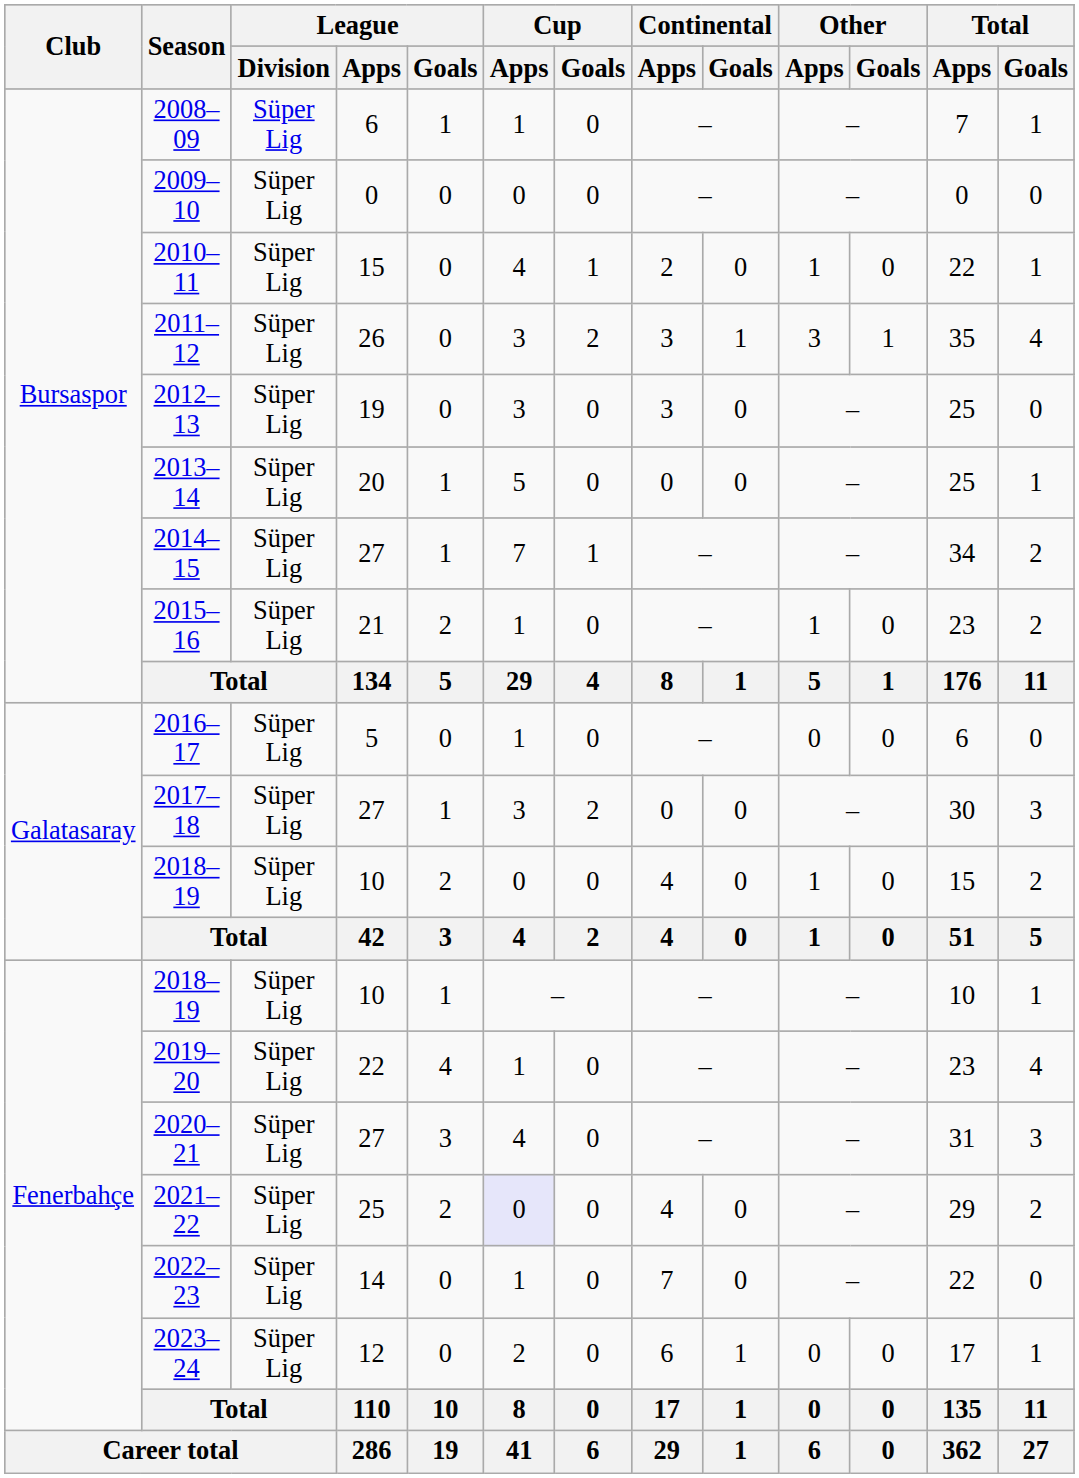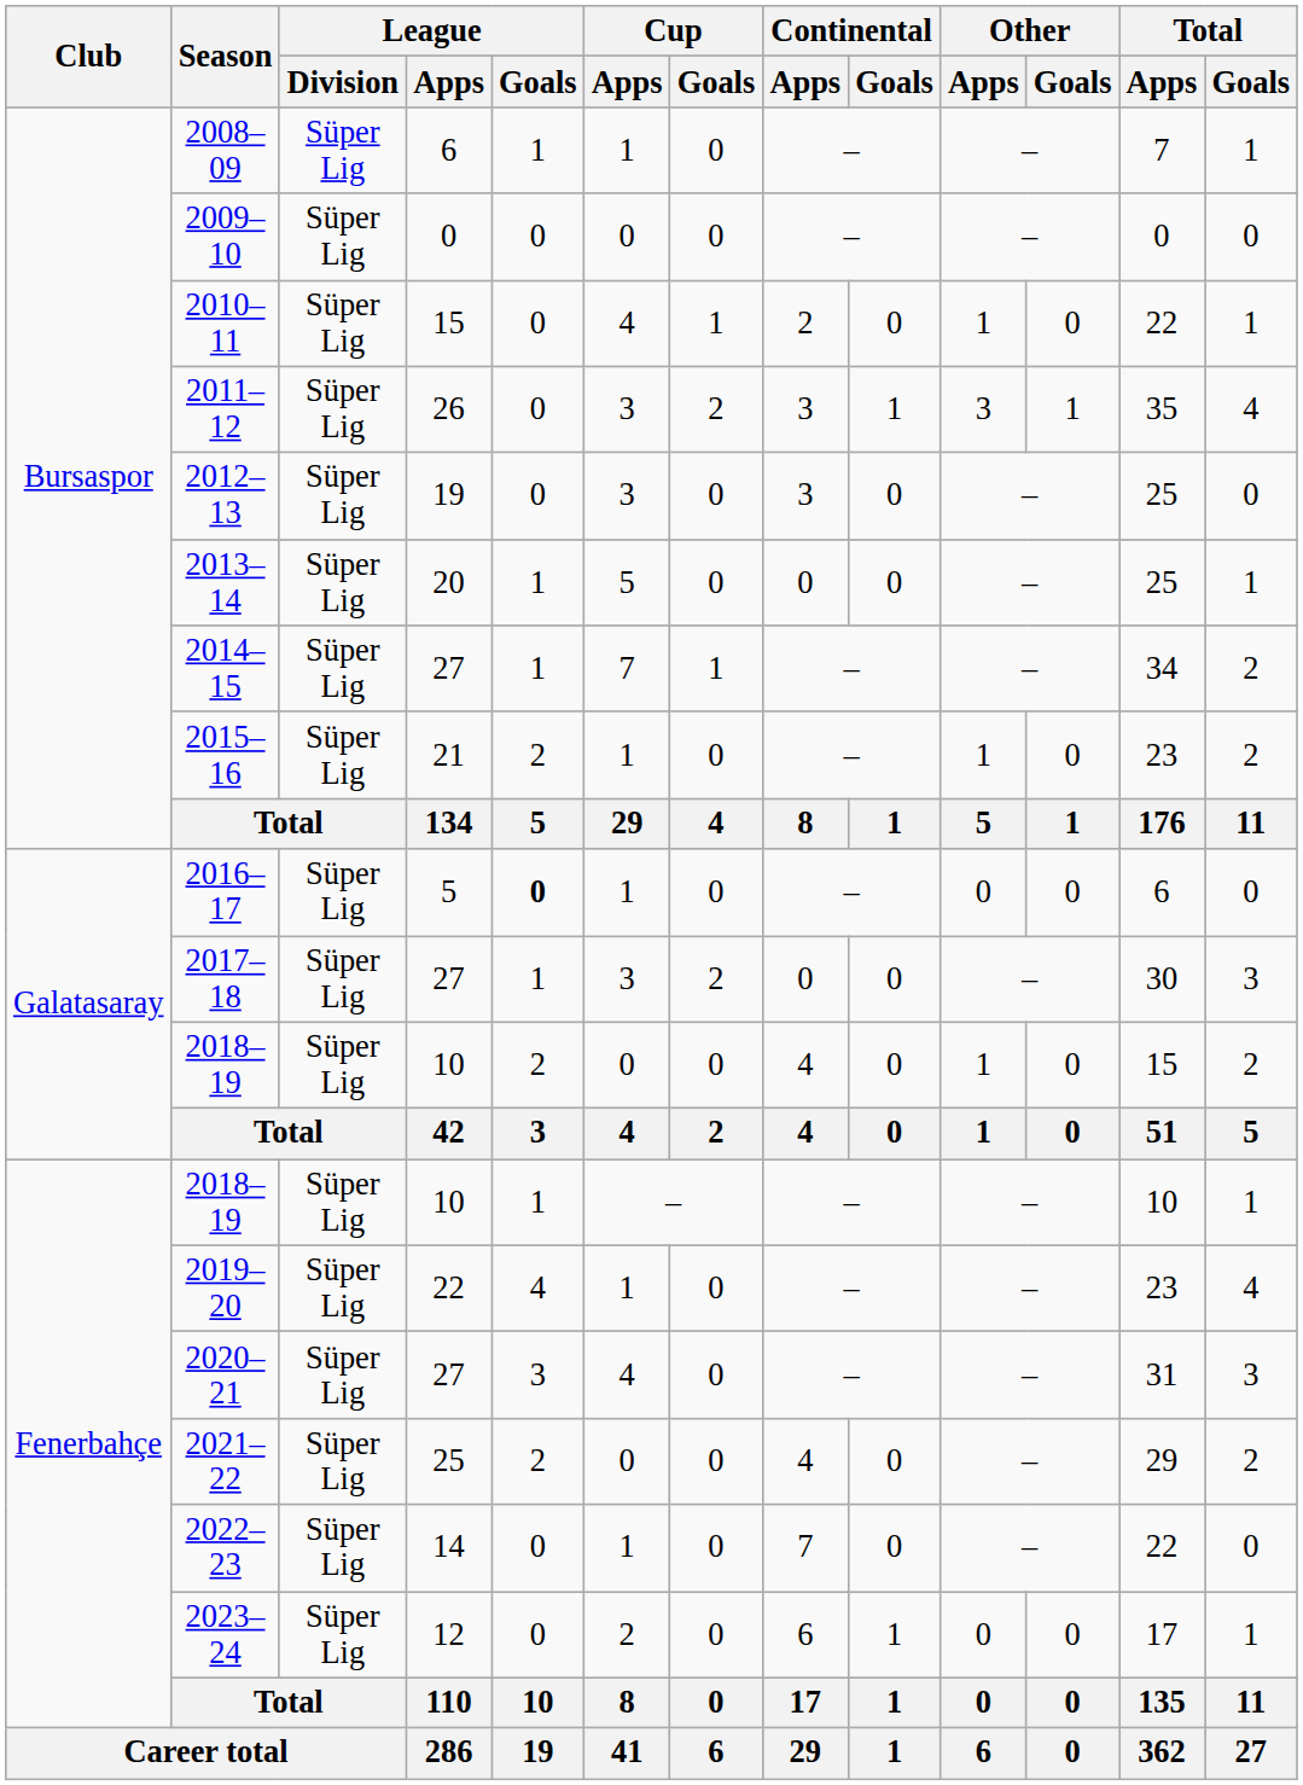 <table class="wikitable" style="text-align:center">
 <tr>
 <th rowspan="2">Club</th>
 <th rowspan="2">Season</th>
 <th colspan="3">League</th>
 <th colspan="2">Cup</th>
 <th colspan="2">Continental</th>
 <th colspan="2">Other</th>
 <th colspan="2">Total</th>
 </tr>
 <tr>
 <th>Division</th>
 <th>Apps</th>
 <th>Goals</th>
 <th>Apps</th>
 <th>Goals</th>
 <th>Apps</th>
 <th>Goals</th>
 <th>Apps</th>
 <th>Goals</th>
 <th>Apps</th>
 <th>Goals</th>
 </tr>
 <tr>
 <td rowspan="9"><a href='#'>Bursaspor</a></td>
 <td><a href='#'>2008–09</a></td>
 <td><a href='#'>Süper Lig</a></td>
 <td>6</td>
 <td>1</td>
 <td>1</td>
 <td>0</td>
 <td colspan="2">–</td>
 <td colspan="2">–</td>
 <td>7</td>
 <td>1</td>
 </tr>
 <tr>
 <td><a href='#'>2009–10</a></td>
 <td>Süper Lig</td>
 <td>0</td>
 <td>0</td>
 <td>0</td>
 <td>0</td>
 <td colspan="2">–</td>
 <td colspan="2">–</td>
 <td>0</td>
 <td>0</td>
 </tr>
 <tr>
 <td><a href='#'>2010–11</a></td>
 <td>Süper Lig</td>
 <td>15</td>
 <td>0</td>
 <td>4</td>
 <td>1</td>
 <td>2</td>
 <td>0</td>
 <td>1</td>
 <td>0</td>
 <td>22</td>
 <td>1</td>
 </tr>
 <tr>
 <td><a href='#'>2011–12</a></td>
 <td>Süper Lig</td>
 <td>26</td>
 <td>0</td>
 <td>3</td>
 <td>2</td>
 <td>3</td>
 <td>1</td>
 <td>3</td>
 <td>1</td>
 <td>35</td>
 <td>4</td>
 </tr>
 <tr>
 <td><a href='#'>2012–13</a></td>
 <td>Süper Lig</td>
 <td>19</td>
 <td>0</td>
 <td>3</td>
 <td>0</td>
 <td>3</td>
 <td>0</td>
 <td colspan="2">–</td>
 <td>25</td>
 <td>0</td>
 </tr>
 <tr>
 <td><a href='#'>2013–14</a></td>
 <td>Süper Lig</td>
 <td>20</td>
 <td>1</td>
 <td>5</td>
 <td>0</td>
 <td>0</td>
 <td>0</td>
 <td colspan="2">–</td>
 <td>25</td>
 <td>1</td>
 </tr>
 <tr>
 <td><a href='#'>2014–15</a></td>
 <td>Süper Lig</td>
 <td>27</td>
 <td>1</td>
 <td>7</td>
 <td>1</td>
 <td colspan="2">–</td>
 <td colspan="2">–</td>
 <td>34</td>
 <td>2</td>
 </tr>
 <tr>
 <td><a href='#'>2015–16</a></td>
 <td>Süper Lig</td>
 <td>21</td>
 <td>2</td>
 <td>1</td>
 <td>0</td>
 <td colspan="2">–</td>
 <td>1</td>
 <td>0</td>
 <td>23</td>
 <td>2</td>
 </tr>
 <tr>
 <th colspan="2">Total</th>
 <th>134</th>
 <th>5</th>
 <th>29</th>
 <th>4</th>
 <th>8</th>
 <th>1</th>
 <th>5</th>
 <th>1</th>
 <th>176</th>
 <th>11</th>
 </tr>
 <tr>
 <td rowspan="4"><a href='#'>Galatasaray</a></td>
 <td><a href='#'>2016–17</a></td>
 <td>Süper Lig</td>
 <td>5</td>
-<td>0</td>
+<td><strong>0</strong></td>
 <td>1</td>
 <td>0</td>
 <td colspan="2">–</td>
 <td>0</td>
 <td>0</td>
 <td>6</td>
 <td>0</td>
 </tr>
 <tr>
 <td><a href='#'>2017–18</a></td>
 <td>Süper Lig</td>
 <td>27</td>
 <td>1</td>
 <td>3</td>
 <td>2</td>
 <td>0</td>
 <td>0</td>
 <td colspan="2">–</td>
 <td>30</td>
 <td>3</td>
 </tr>
 <tr>
 <td><a href='#'>2018–19</a></td>
 <td>Süper Lig</td>
 <td>10</td>
 <td>2</td>
 <td>0</td>
 <td>0</td>
 <td>4</td>
 <td>0</td>
 <td>1</td>
 <td>0</td>
 <td>15</td>
 <td>2</td>
 </tr>
 <tr>
 <th colspan="2">Total</th>
 <th>42</th>
 <th>3</th>
 <th>4</th>
 <th>2</th>
 <th>4</th>
 <th>0</th>
 <th>1</th>
 <th>0</th>
 <th>51</th>
 <th>5</th>
 </tr>
 <tr>
 <td rowspan="7"><a href='#'>Fenerbahçe</a></td>
 <td><a href='#'>2018–19</a></td>
 <td>Süper Lig</td>
 <td>10</td>
 <td>1</td>
 <td colspan="2">–</td>
 <td colspan="2">–</td>
 <td colspan="2">–</td>
 <td>10</td>
 <td>1</td>
 </tr>
 <tr>
 <td><a href='#'>2019–20</a></td>
 <td>Süper Lig</td>
 <td>22</td>
 <td>4</td>
 <td>1</td>
 <td>0</td>
 <td colspan="2">–</td>
 <td colspan="2">–</td>
 <td>23</td>
 <td>4</td>
 </tr>
 <tr>
 <td><a href='#'>2020–21</a></td>
 <td>Süper Lig</td>
 <td>27</td>
 <td>3</td>
 <td>4</td>
 <td>0</td>
 <td colspan="2">–</td>
 <td colspan="2">–</td>
 <td>31</td>
 <td>3</td>
 </tr>
 <tr>
 <td><a href='#'>2021–22</a></td>
 <td>Süper Lig</td>
 <td>25</td>
 <td>2</td>
-<td style="background: lavender;">0</td>
+<td>0</td>
 <td>0</td>
 <td>4</td>
 <td>0</td>
 <td colspan="2">–</td>
 <td>29</td>
 <td>2</td>
 </tr>
 <tr>
 <td><a href='#'>2022–23</a></td>
 <td>Süper Lig</td>
 <td>14</td>
 <td>0</td>
 <td>1</td>
 <td>0</td>
 <td>7</td>
 <td>0</td>
 <td colspan="2">–</td>
 <td>22</td>
 <td>0</td>
 </tr>
 <tr>
 <td><a href='#'>2023–24</a></td>
 <td>Süper Lig</td>
 <td>12</td>
 <td>0</td>
 <td>2</td>
 <td>0</td>
 <td>6</td>
 <td>1</td>
 <td>0</td>
 <td>0</td>
 <td>17</td>
 <td>1</td>
 </tr>
 <tr>
 <th colspan="2">Total</th>
 <th>110</th>
 <th>10</th>
 <th>8</th>
 <th>0</th>
 <th>17</th>
 <th>1</th>
 <th>0</th>
 <th>0</th>
 <th>135</th>
 <th>11</th>
 </tr>
 <tr>
 <th colspan="3">Career total</th>
 <th>286</th>
 <th>19</th>
 <th>41</th>
 <th>6</th>
 <th>29</th>
 <th>1</th>
 <th>6</th>
 <th>0</th>
 <th>362</th>
 <th>27</th>
 </tr>
 </table>
